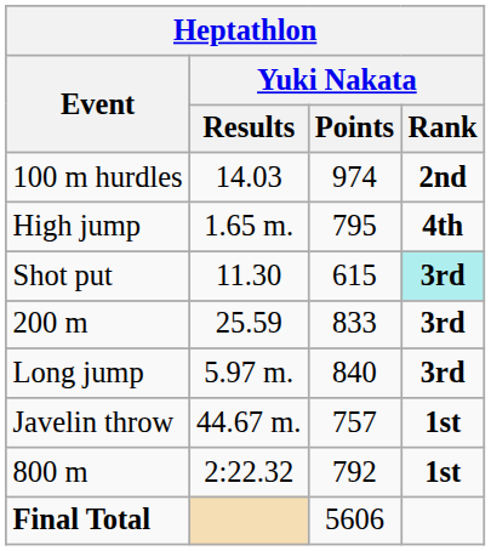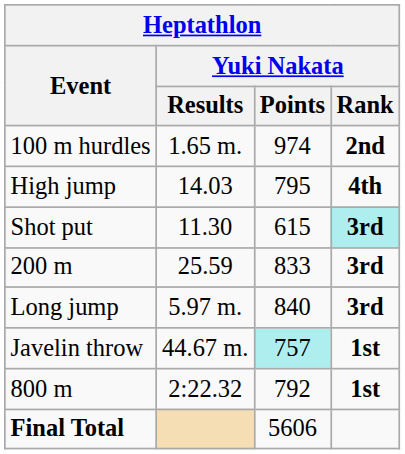 <table class=wikitable style="font-size:90%">
 <tr>
 <th colspan=5><a href='#'>Heptathlon</a></th>
 </tr>
 <tr>
 <th rowspan=2>Event</th>
 <th colspan=3><a href='#'>Yuki Nakata</a></th>
 </tr>
 <tr>
 <th>Results</th>
 <th>Points</th>
 <th>Rank</th>
 </tr>
 <tr>
 <td>100 m hurdles</td>
-<td align=center>14.03</td>
+<td align=center>1.65 m.</td>
 <td align=center>974</td>
 <td align=center><strong>2nd</strong></td>
 </tr>
 <tr>
 <td>High jump</td>
-<td align=center>1.65 m.</td>
+<td align=center>14.03</td>
 <td align=center>795</td>
 <td align=center><strong>4th</strong></td>
 </tr>
 <tr>
 <td>Shot put</td>
 <td align=center>11.30</td>
 <td align=center>615</td>
 <td align=center style="background: paleturquoise;"><strong>3rd</strong></td>
 </tr>
 <tr>
 <td>200 m</td>
 <td align=center>25.59</td>
 <td align=center>833</td>
 <td align=center><strong>3rd</strong></td>
 </tr>
 <tr>
 <td>Long jump</td>
 <td align=center>5.97 m.</td>
 <td align=center>840</td>
 <td align=center><strong>3rd</strong></td>
 </tr>
 <tr>
 <td>Javelin throw</td>
 <td align=center>44.67 m.</td>
-<td align=center>757</td>
+<td align=center style="background: paleturquoise;">757</td>
 <td align=center><strong>1st</strong></td>
 </tr>
 <tr>
 <td>800 m</td>
 <td align=center>2:22.32</td>
 <td align=center>792</td>
 <td align=center><strong>1st</strong></td>
 </tr>
 <tr>
 <td><strong>Final Total</strong></td>
 <td bgcolor=wheat></td>
 <td align=center>5606</td>
 <td align=center></td>
 </tr>
 </table>
